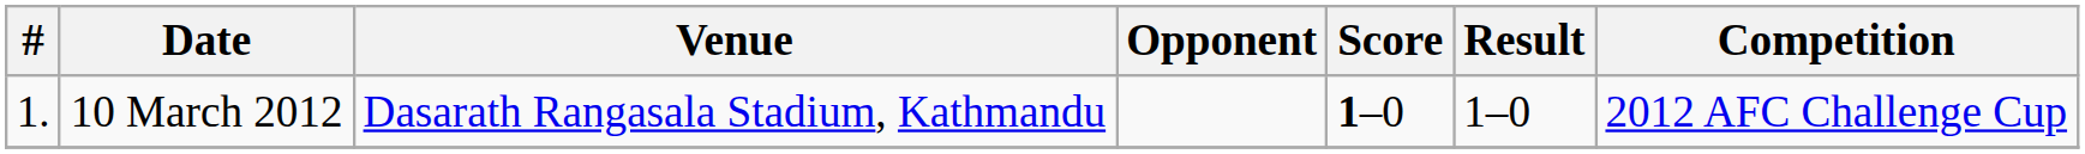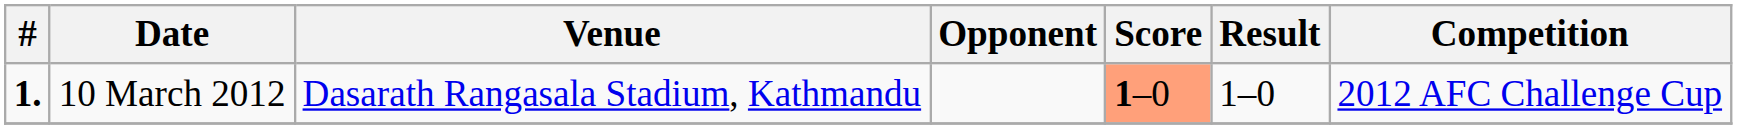 <table class="wikitable">
 <tr>
 <th>#</th>
 <th>Date</th>
 <th>Venue</th>
 <th>Opponent</th>
 <th>Score</th>
 <th>Result</th>
 <th>Competition</th>
 </tr>
 <tr>
-<td>1.</td>
+<td><strong>1.</strong></td>
 <td>10 March 2012</td>
 <td><a href='#'>Dasarath Rangasala Stadium</a>, <a href='#'>Kathmandu</a></td>
 <td></td>
-<td><strong>1</strong>–0</td>
+<td style="background: lightsalmon;"><strong>1</strong>–0</td>
 <td>1–0</td>
 <td><a href='#'>2012 AFC Challenge Cup</a></td>
 </tr>
 <tr>
 </tr>
 </table>
